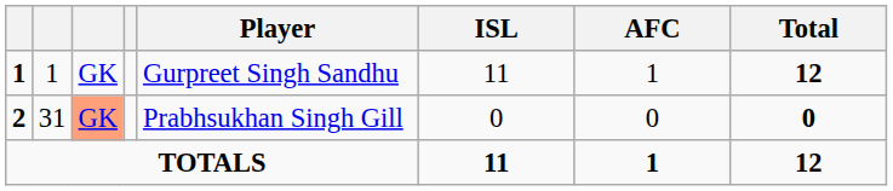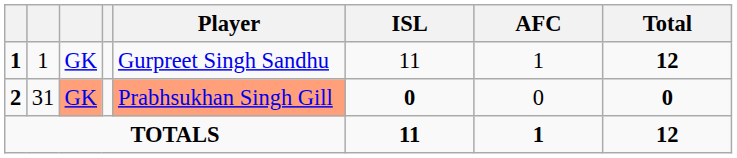 <table class="wikitable" style="font-size: 95%; text-align: center;">
 <tr>
 <th rowspan="1" !width=15></th>
 <th rowspan="1" !width=15></th>
 <th rowspan="1" !width=15></th>
 <th rowspan="1" !width=15></th>
 <th width=150>Player</th>
 <th width=80>ISL</th>
 <th width=80>AFC</th>
 <th width=80>Total</th>
 </tr>
 <tr>
 <td rowspan=1><strong>1</strong></td>
 <td>1</td>
 <td><a href='#'>GK</a></td>
 <td></td>
 <td align=left><a href='#'>Gurpreet Singh Sandhu</a></td>
 <td>11</td>
 <td>1</td>
 <td><strong>12</strong></td>
 </tr>
 <tr>
 <td rowspan=1><strong>2</strong></td>
 <td>31</td>
 <td style="background: lightsalmon;"><a href='#'>GK</a></td>
 <td></td>
-<td align=left><a href='#'>Prabhsukhan Singh Gill</a></td>
-<td>0</td>
+<td align=left style="background: lightsalmon;"><a href='#'>Prabhsukhan Singh Gill</a></td>
+<td><strong>0</strong></td>
 <td>0</td>
 <td><strong>0</strong></td>
 </tr>
 <tr>
 <td colspan="5"><strong>TOTALS</strong></td>
 <td><strong>11</strong></td>
 <td><strong>1</strong></td>
 <td><strong>12</strong></td>
 </tr>
 </table>
